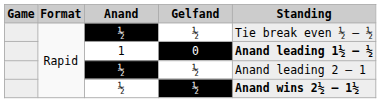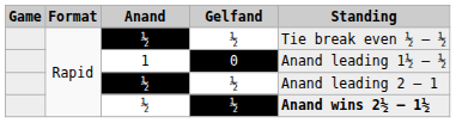 <table class="wikitable" style="text-align: center">
 <tr>
 <th style="background:#ccc;">Game</th>
 <th style="background:#ccc;">Format</th>
 <th style="background:#ccc;width: 6em">Anand</th>
 <th style="background:#ccc;width: 6em">Gelfand</th>
 <th style="background:#ccc;">Standing</th>
 </tr>
 <tr>
 <td style="text-align:center; background:#eee; color:black;"></td>
 <td rowspan="4">Rapid</td>
 <td style="background:black; color:white">½</td>
 <td style="background:white; color:black">½</td>
 <td style="text-align:left; background:#eee; color:black;">Tie break even ½ – ½</td>
 </tr>
 <tr>
 <td style="text-align:center; background:#eee; color:black;"></td>
 <td style="background:white; color:black">1</td>
 <td style="background:black; color:white">0</td>
-<td style="text-align:left; background:#eee; color:black;"><strong>Anand leading 1½ – ½</strong></td>
+<td style="text-align:left; background:#eee; color:black;">Anand leading 1½ – ½</td>
 </tr>
 <tr>
 <td style="text-align:center; background:#eee; color:black;"></td>
 <td style="background:black; color:white">½</td>
 <td style="background:white; color:black">½</td>
 <td style="text-align:left; background:#eee; color:black;">Anand leading 2 – 1</td>
 </tr>
 <tr>
 <td style="text-align:center; background:#eee; color:black;"></td>
 <td style="background:white; color:black">½</td>
 <td style="background:black; color:white">½</td>
 <td style="text-align:left; background:#eee; color:black;"><strong>Anand wins 2½ – 1½</strong></td>
 </tr>
 </table>
